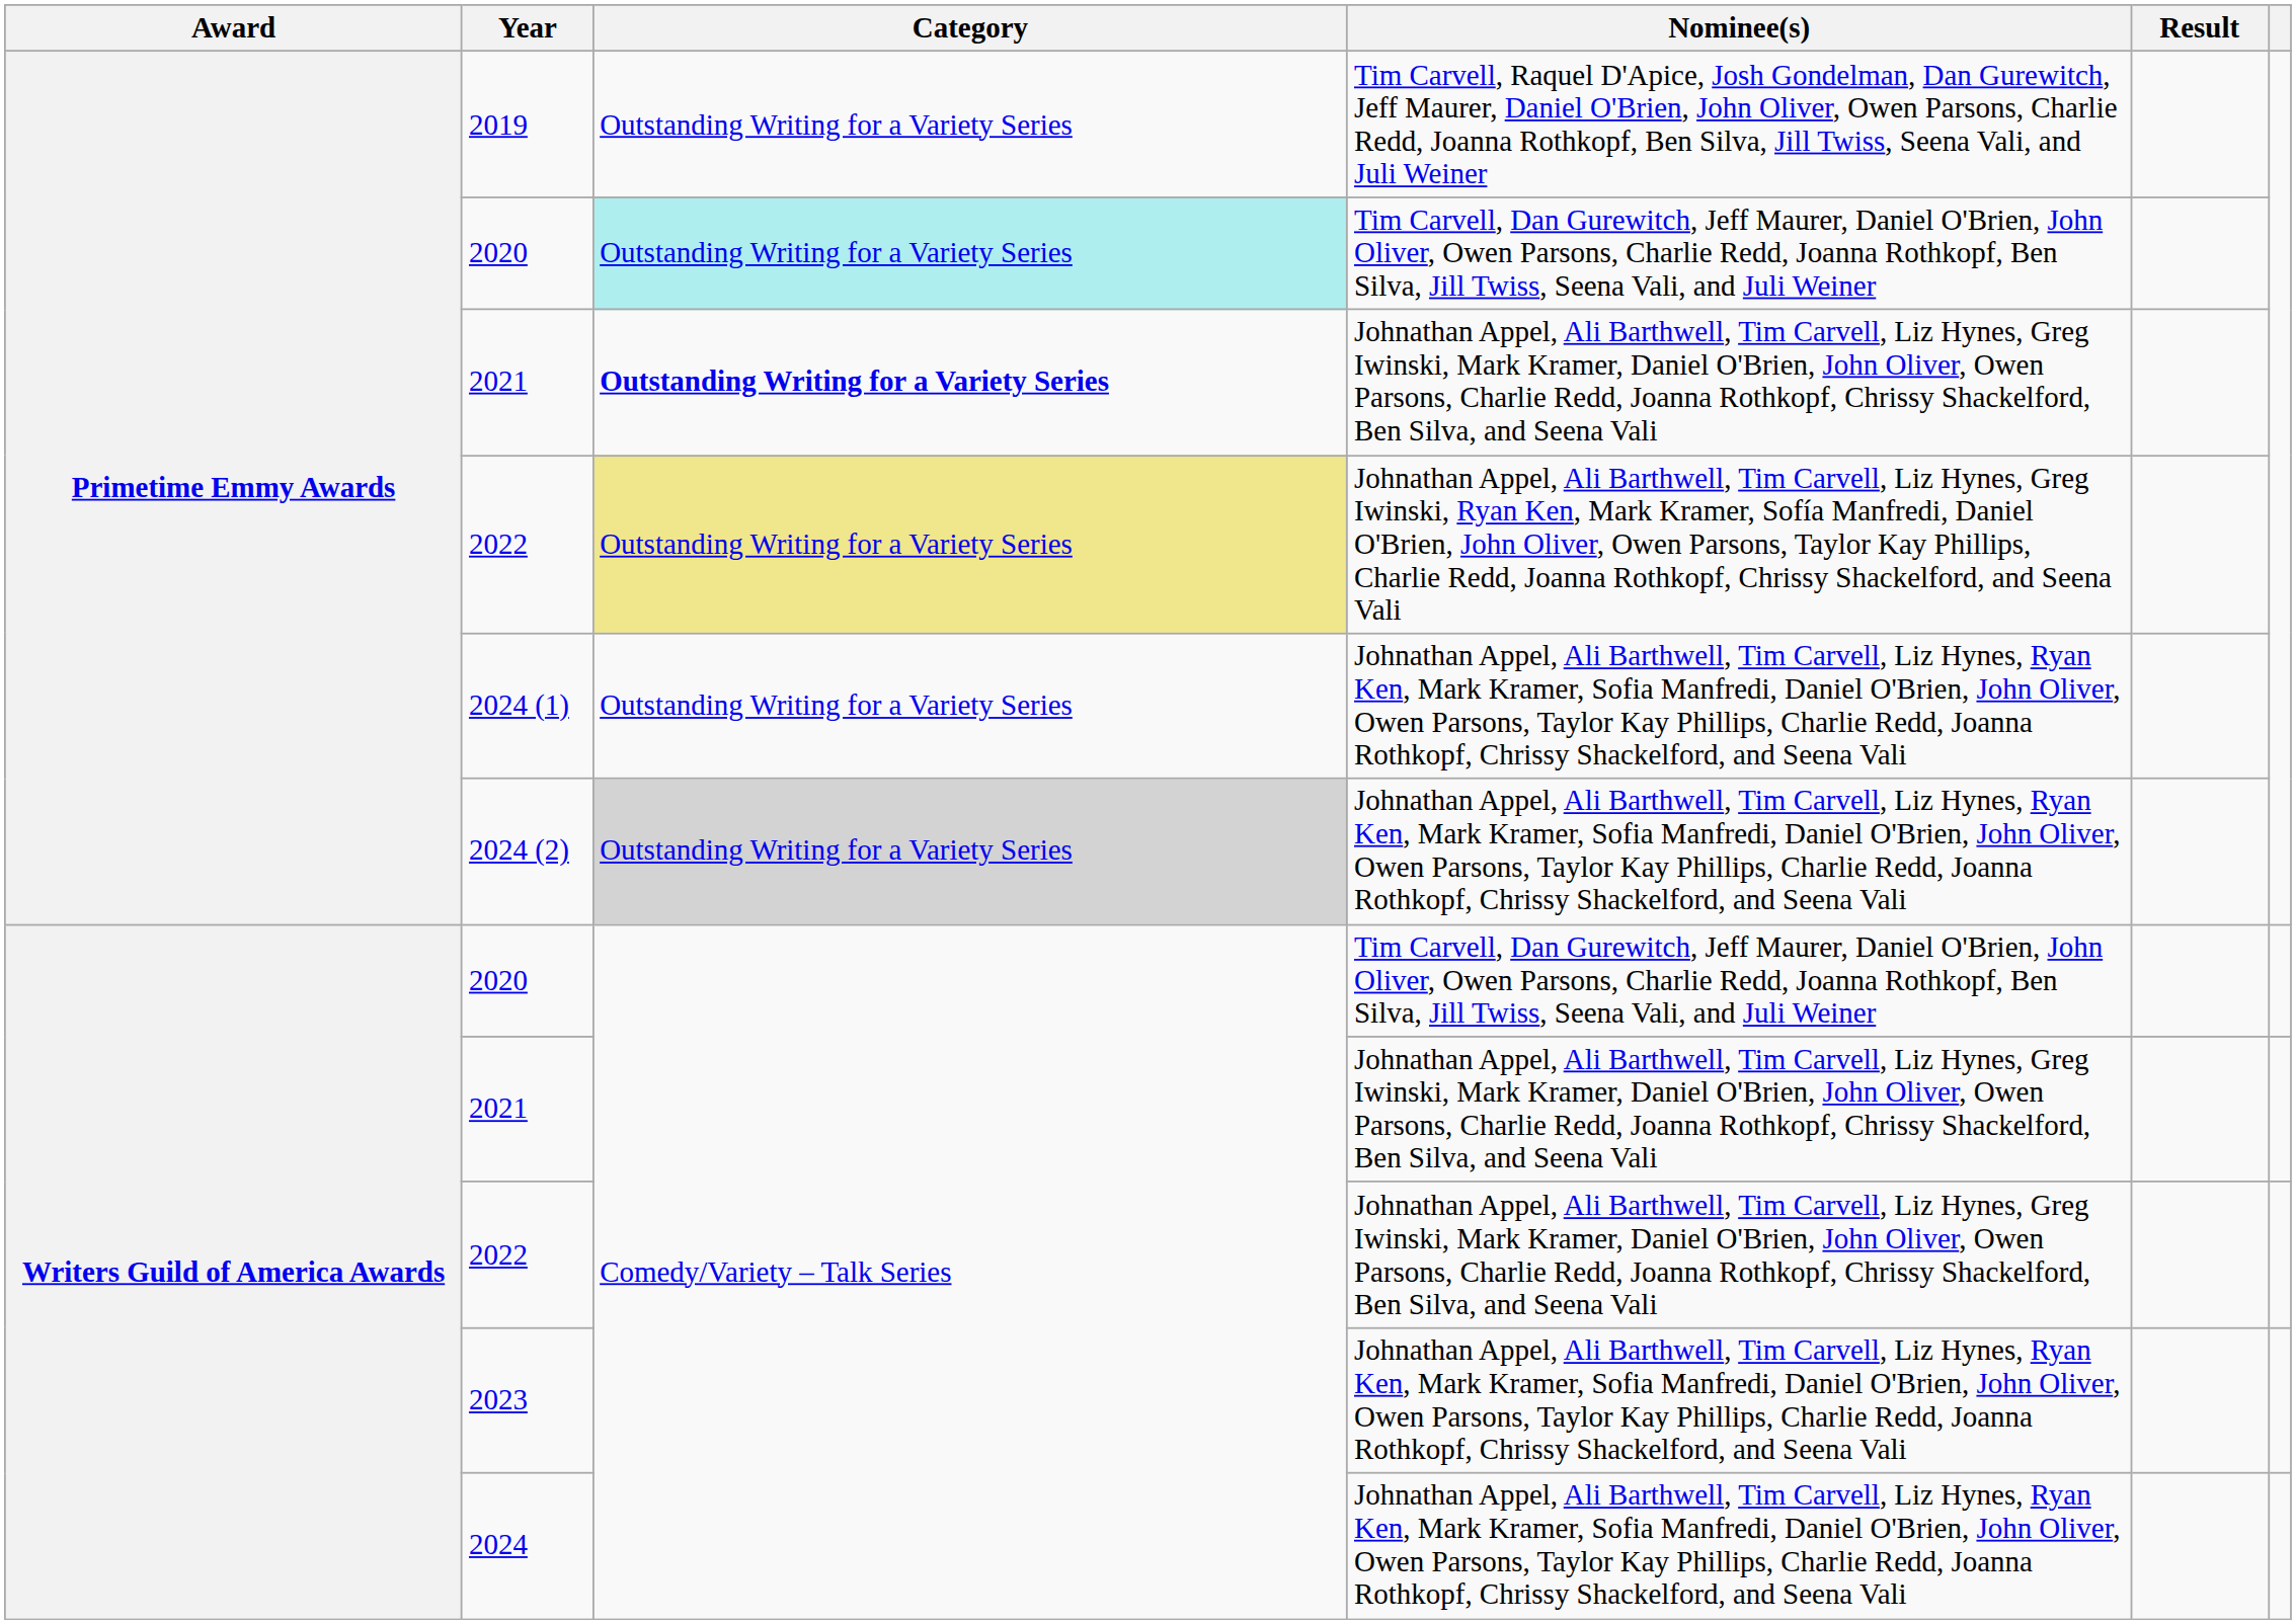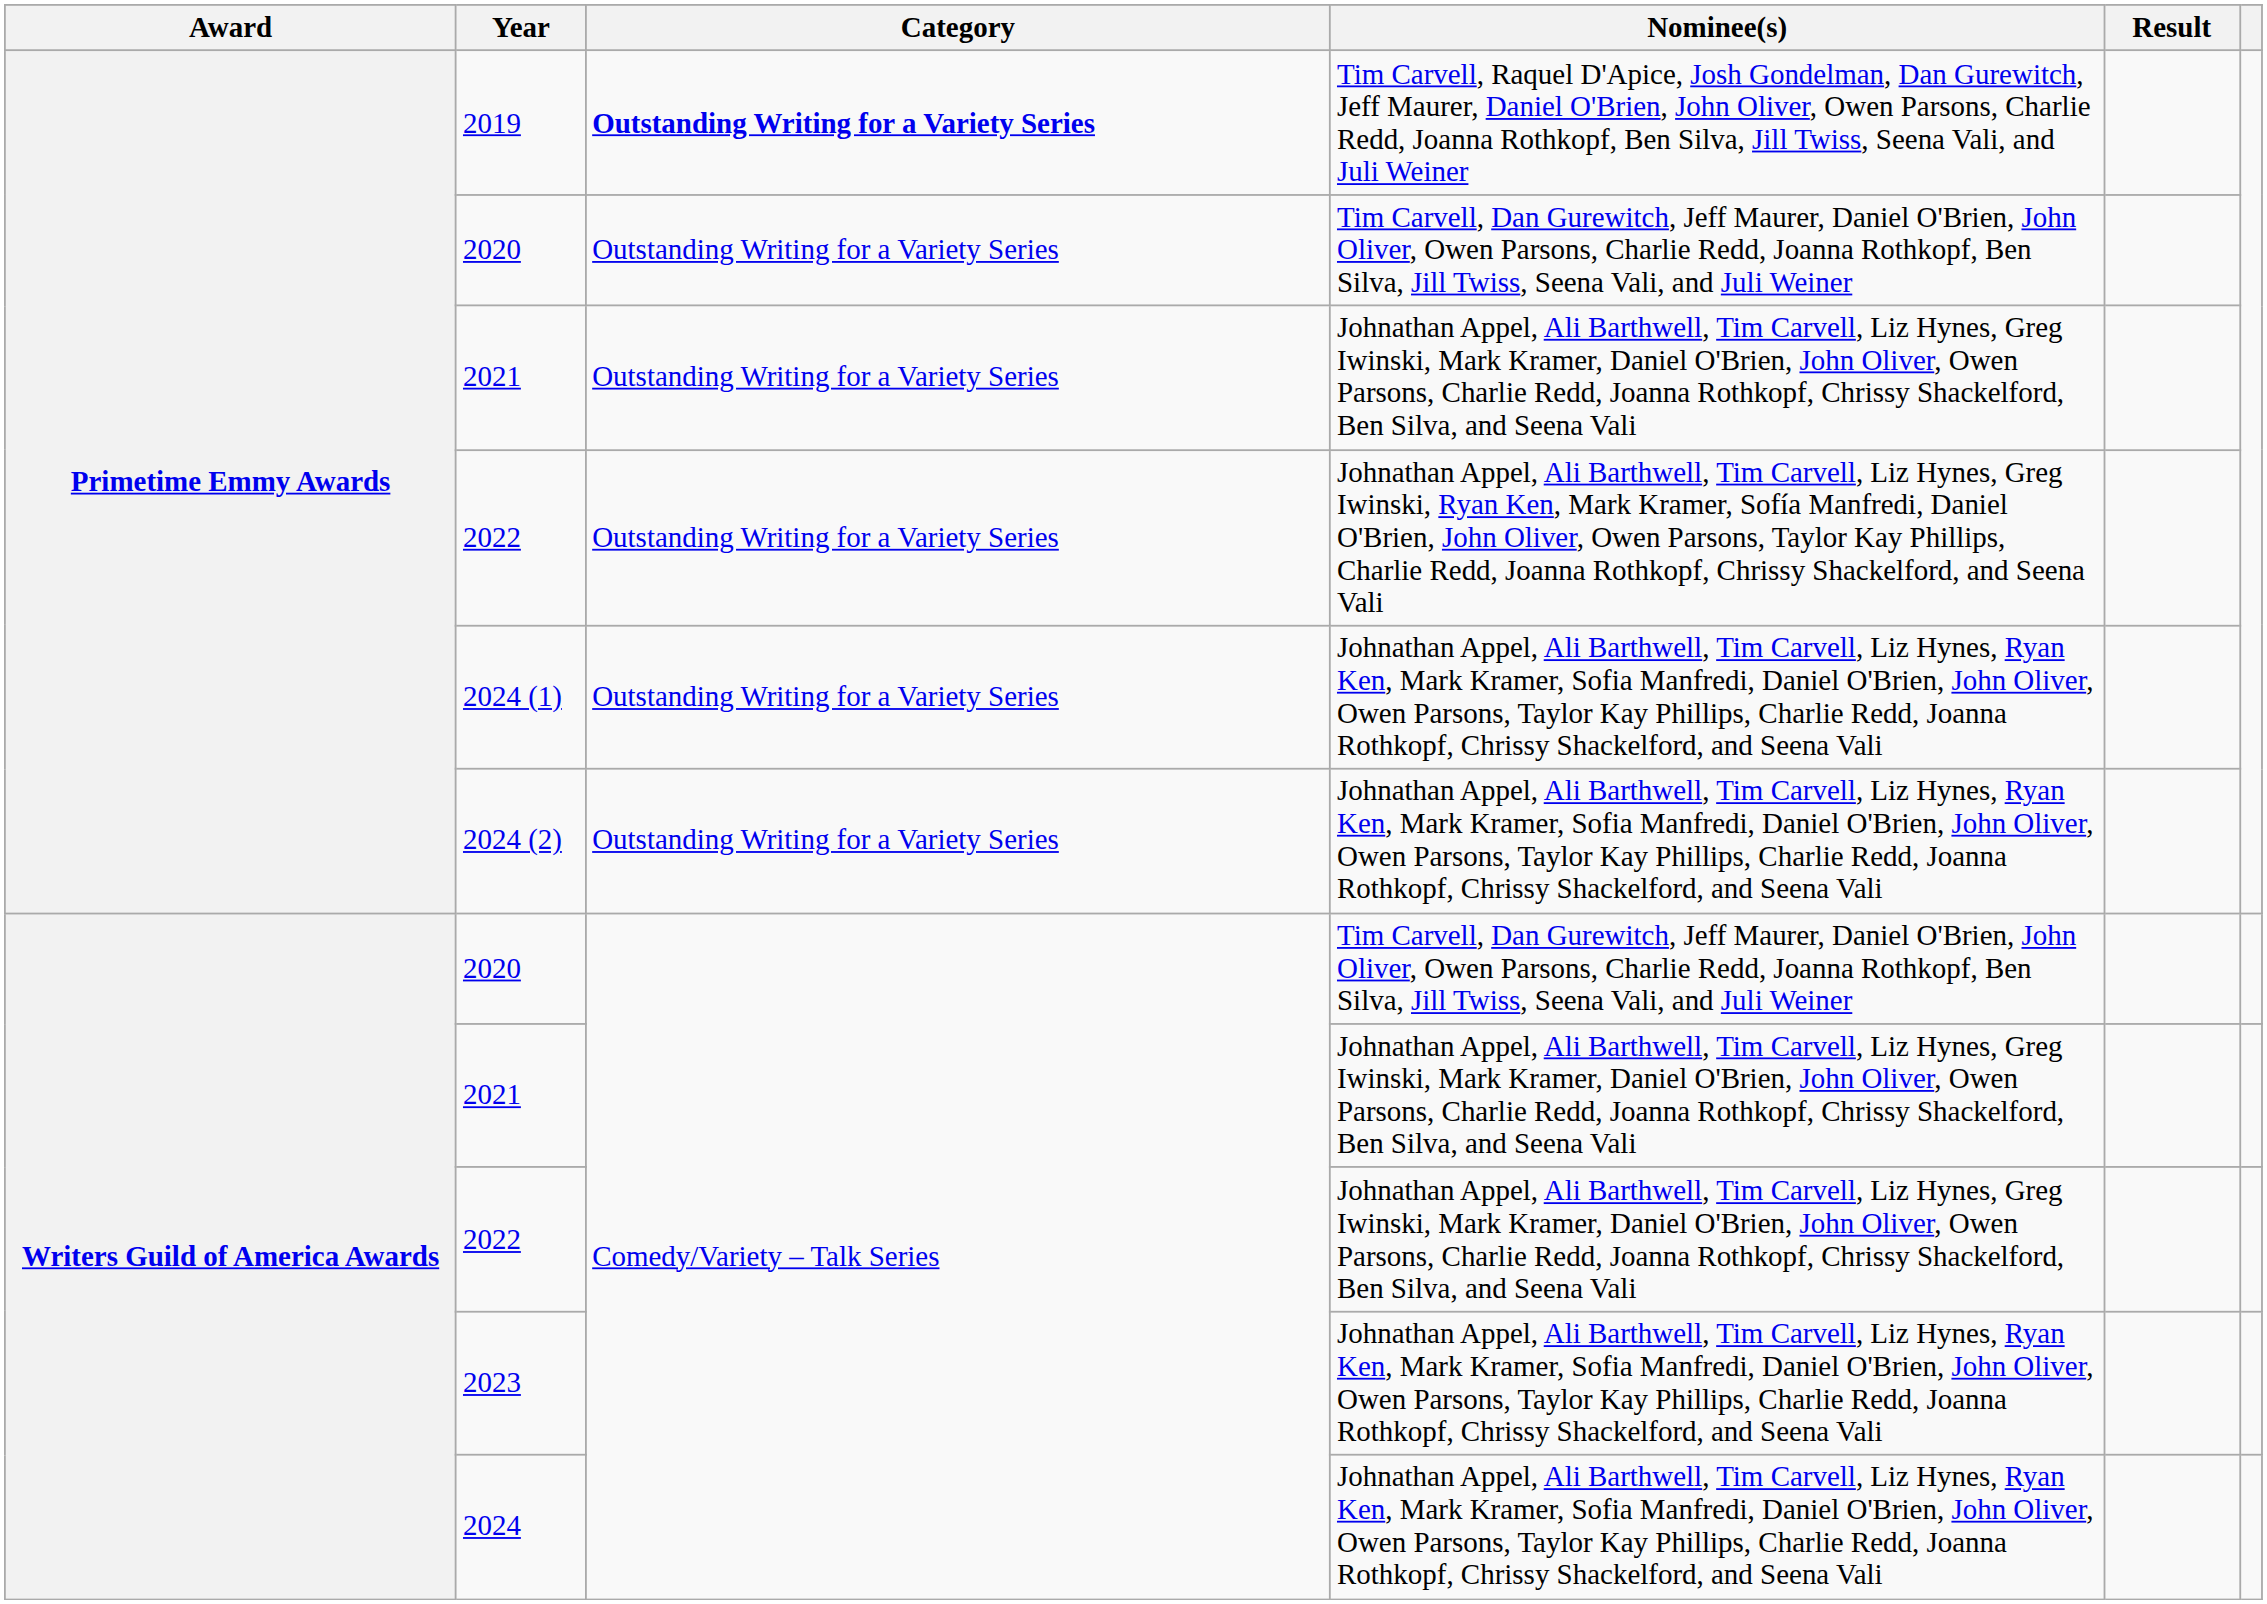 <table class="wikitable sortable plainrowheaders">
 <tr>
 <th scope="col" style="width:20%;">Award</th>
 <th scope="col" style=min-width:4em>Year</th>
 <th scope="col" style="width:33%;">Category</th>
 <th>Nominee(s)</th>
 <th scope="col" style="width:6%;">Result</th>
 <th scope="col" class="unsortable" style="width:1%;"></th>
 </tr>
 <tr>
 <th rowspan="6"><a href='#'>Primetime Emmy Awards</a></th>
 <td><a href='#'>2019</a></td>
-<td><a href='#'>Outstanding Writing for a Variety Series</a></td>
+<td><strong><a href='#'>Outstanding Writing for a Variety Series</a></strong></td>
 <td data-sort-value="Carvell, Tim"><a href='#'>Tim Carvell</a>, Raquel D'Apice, <a href='#'>Josh Gondelman</a>, <a href='#'>Dan Gurewitch</a>, Jeff Maurer, <a href='#'>Daniel O'Brien</a>, <a href='#'>John Oliver</a>, Owen Parsons, Charlie Redd, Joanna Rothkopf, Ben Silva, <a href='#'>Jill Twiss</a>, Seena Vali, and <a href='#'>Juli Weiner</a></td>
 <td></td>
 <td rowspan="6"></td>
 </tr>
 <tr>
 <td><a href='#'>2020</a></td>
-<td style="background: paleturquoise;"><a href='#'>Outstanding Writing for a Variety Series</a></td>
+<td><a href='#'>Outstanding Writing for a Variety Series</a></td>
 <td data-sort-value="Carvell, Tim"><a href='#'>Tim Carvell</a>, <a href='#'>Dan Gurewitch</a>, Jeff Maurer, Daniel O'Brien, <a href='#'>John Oliver</a>, Owen Parsons, Charlie Redd, Joanna Rothkopf, Ben Silva, <a href='#'>Jill Twiss</a>, Seena Vali, and <a href='#'>Juli Weiner</a></td>
 <td></td>
 </tr>
 <tr>
 <td><a href='#'>2021</a></td>
-<td><strong><a href='#'>Outstanding Writing for a Variety Series</a></strong></td>
+<td><a href='#'>Outstanding Writing for a Variety Series</a></td>
 <td data-sort-value="Johnathan, Appel">Johnathan Appel, <a href='#'>Ali Barthwell</a>, <a href='#'>Tim Carvell</a>, Liz Hynes, Greg Iwinski, Mark Kramer, Daniel O'Brien, <a href='#'>John Oliver</a>, Owen Parsons, Charlie Redd, Joanna Rothkopf, Chrissy Shackelford, Ben Silva, and Seena Vali</td>
 <td></td>
 </tr>
 <tr>
 <td><a href='#'>2022</a></td>
-<td style="background: khaki;"><a href='#'>Outstanding Writing for a Variety Series</a></td>
+<td><a href='#'>Outstanding Writing for a Variety Series</a></td>
 <td data-sort-value="Johnathan, Appel">Johnathan Appel, <a href='#'>Ali Barthwell</a>, <a href='#'>Tim Carvell</a>, Liz Hynes, Greg Iwinski, <a href='#'>Ryan Ken</a>, Mark Kramer, Sofía Manfredi, Daniel O'Brien, <a href='#'>John Oliver</a>, Owen Parsons, Taylor Kay Phillips, Charlie Redd, Joanna Rothkopf, Chrissy Shackelford, and Seena Vali</td>
 <td></td>
 </tr>
 <tr>
 <td><a href='#'>2024 (1)</a></td>
 <td><a href='#'>Outstanding Writing for a Variety Series</a></td>
 <td data-sort-value="Appel, Johnathan">Johnathan Appel, <a href='#'>Ali Barthwell</a>, <a href='#'>Tim Carvell</a>, Liz Hynes, <a href='#'>Ryan Ken</a>, Mark Kramer, Sofia Manfredi, Daniel O'Brien, <a href='#'>John Oliver</a>, Owen Parsons, Taylor Kay Phillips, Charlie Redd, Joanna Rothkopf, Chrissy Shackelford, and Seena Vali</td>
 <td></td>
 </tr>
 <tr>
 <td><a href='#'>2024 (2)</a></td>
-<td style="background: lightgrey;"><a href='#'>Outstanding Writing for a Variety Series</a></td>
+<td><a href='#'>Outstanding Writing for a Variety Series</a></td>
 <td data-sort-value="Appel, Johnathan">Johnathan Appel, <a href='#'>Ali Barthwell</a>, <a href='#'>Tim Carvell</a>, Liz Hynes, <a href='#'>Ryan Ken</a>, Mark Kramer, Sofia Manfredi, Daniel O'Brien, <a href='#'>John Oliver</a>, Owen Parsons, Taylor Kay Phillips, Charlie Redd, Joanna Rothkopf, Chrissy Shackelford, and Seena Vali</td>
 <td></td>
 </tr>
 <tr>
 <th rowspan="5"><a href='#'>Writers Guild of America Awards</a></th>
 <td><a href='#'>2020</a></td>
 <td rowspan="5"><a href='#'>Comedy/Variety – Talk Series</a></td>
 <td data-sort-value="Carvell, Tim"><a href='#'>Tim Carvell</a>, <a href='#'>Dan Gurewitch</a>, Jeff Maurer, Daniel O'Brien, <a href='#'>John Oliver</a>, Owen Parsons, Charlie Redd, Joanna Rothkopf, Ben Silva, <a href='#'>Jill Twiss</a>, Seena Vali, and <a href='#'>Juli Weiner</a></td>
 <td></td>
 <td style="text-align: center"></td>
 </tr>
 <tr>
 <td><a href='#'>2021</a></td>
 <td data-sort-value="Appel, Johnathan">Johnathan Appel, <a href='#'>Ali Barthwell</a>, <a href='#'>Tim Carvell</a>, Liz Hynes, Greg Iwinski, Mark Kramer, Daniel O'Brien, <a href='#'>John Oliver</a>, Owen Parsons, Charlie Redd, Joanna Rothkopf, Chrissy Shackelford, Ben Silva, and Seena Vali</td>
 <td></td>
 <td style="text-align: center"></td>
 </tr>
 <tr>
 <td><a href='#'>2022</a></td>
 <td data-sort-value="Appel, Johnathan">Johnathan Appel, <a href='#'>Ali Barthwell</a>, <a href='#'>Tim Carvell</a>, Liz Hynes, Greg Iwinski, Mark Kramer, Daniel O'Brien, <a href='#'>John Oliver</a>, Owen Parsons, Charlie Redd, Joanna Rothkopf, Chrissy Shackelford, Ben Silva, and Seena Vali</td>
 <td></td>
 <td style="text-align: center"></td>
 </tr>
 <tr>
 <td><a href='#'>2023</a></td>
 <td data-sort-value="Appel, Johnathan">Johnathan Appel, <a href='#'>Ali Barthwell</a>, <a href='#'>Tim Carvell</a>, Liz Hynes, <a href='#'>Ryan Ken</a>, Mark Kramer, Sofia Manfredi, Daniel O'Brien, <a href='#'>John Oliver</a>, Owen Parsons, Taylor Kay Phillips, Charlie Redd, Joanna Rothkopf, Chrissy Shackelford, and Seena Vali</td>
 <td></td>
 <td style="text-align: center"></td>
 </tr>
 <tr>
 <td><a href='#'>2024</a></td>
 <td data-sort-value="Appel, Johnathan">Johnathan Appel, <a href='#'>Ali Barthwell</a>, <a href='#'>Tim Carvell</a>, Liz Hynes, <a href='#'>Ryan Ken</a>, Mark Kramer, Sofia Manfredi, Daniel O'Brien, <a href='#'>John Oliver</a>, Owen Parsons, Taylor Kay Phillips, Charlie Redd, Joanna Rothkopf, Chrissy Shackelford, and Seena Vali</td>
 <td></td>
 <td style="text-align: center"></td>
 </tr>
 </table>
